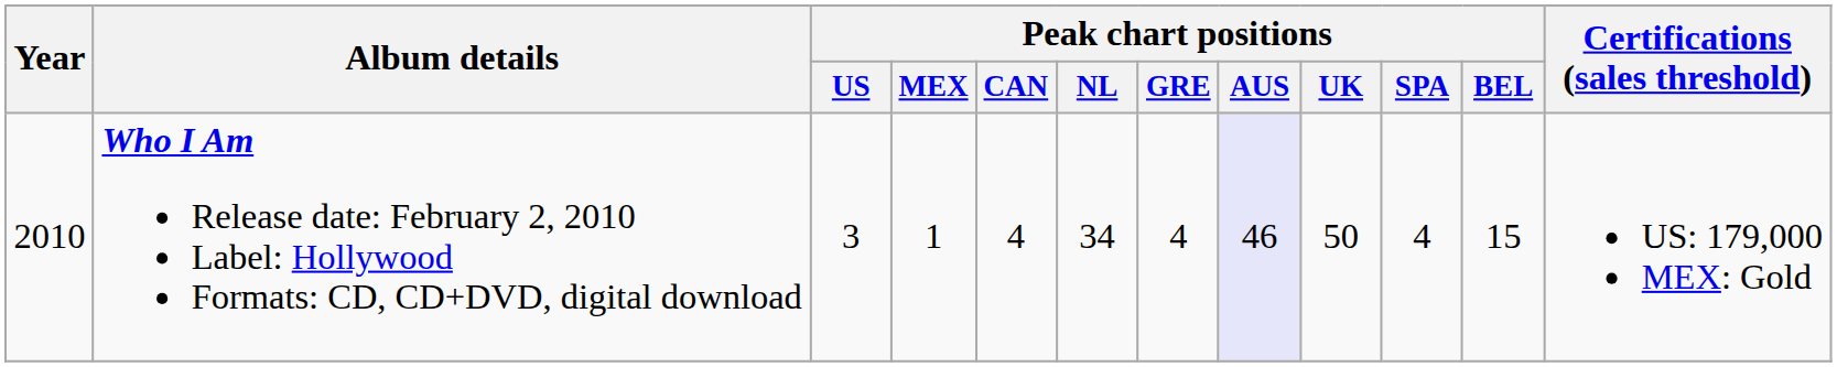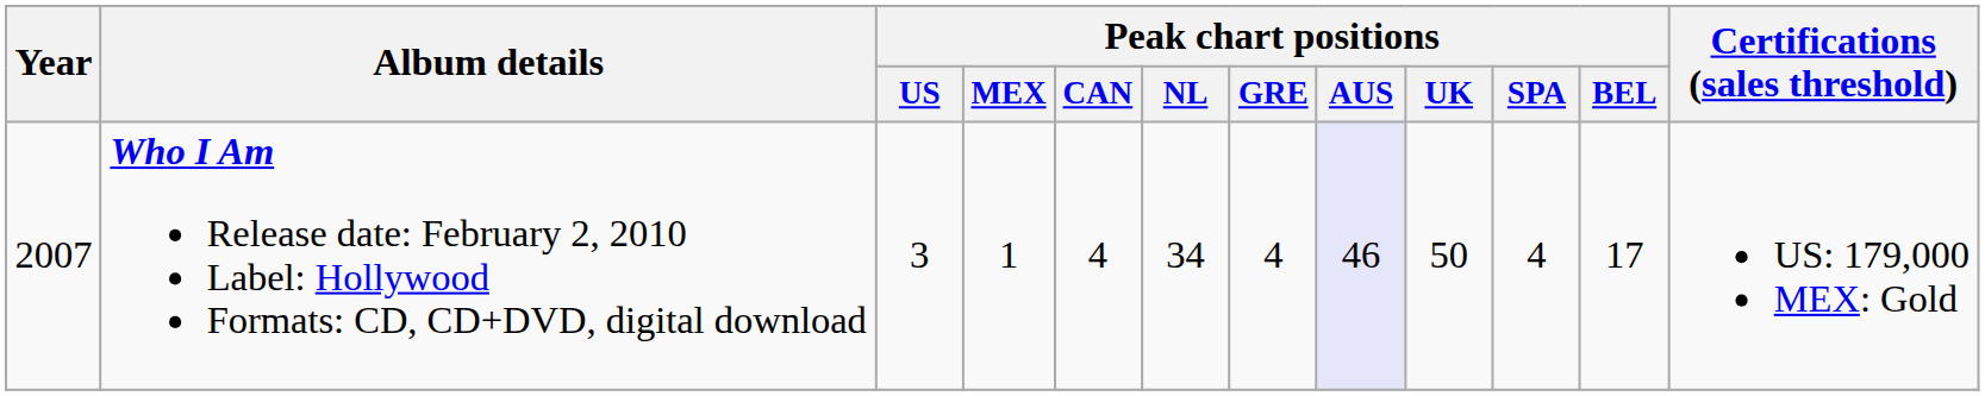 <table class="wikitable" style="text-align:center;">
 <tr>
 <th rowspan="2">Year</th>
 <th rowspan="2">Album details</th>
 <th colspan="9">Peak chart positions</th>
 <th rowspan="2"><a href='#'>Certifications</a><br>(<a href='#'>sales threshold</a>)</th>
 </tr>
 <tr style="font-size:smaller;">
 <th style="width:30px;"><a href='#'>US</a><br></th>
 <th style="width:30px;"><a href='#'>MEX</a><br></th>
 <th style="width:30px;"><a href='#'>CAN</a><br></th>
 <th style="width:30px;"><a href='#'>NL</a><br></th>
 <th style="width:30px;"><a href='#'>GRE</a><br></th>
 <th style="width:30px;"><a href='#'>AUS</a><br></th>
 <th style="width:30px;"><a href='#'>UK</a><br></th>
 <th style="width:30px;"><a href='#'>SPA</a><br></th>
 <th style="width:30px;"><a href='#'>BEL</a><br></th>
 </tr>
 <tr>
-<td>2010</td>
+<td>2007</td>
 <td style="text-align:left;"><strong><em><a href='#'>Who I Am</a></em></strong><br><ul><li>Release date: February 2, 2010</li><li>Label: <a href='#'>Hollywood</a></li><li>Formats: CD, CD+DVD, digital download</li></ul></td>
 <td>3</td>
 <td>1</td>
 <td>4 </td>
 <td>34</td>
 <td>4 </td>
 <td style="background: lavender;">46</td>
 <td>50</td>
 <td>4 </td>
-<td>15</td>
+<td>17</td>
 <td style="text-align:left;"><br><ul><li>US: 179,000 </li><li><a href='#'>MEX</a>: Gold</li></ul></td>
 </tr>
 </table>
